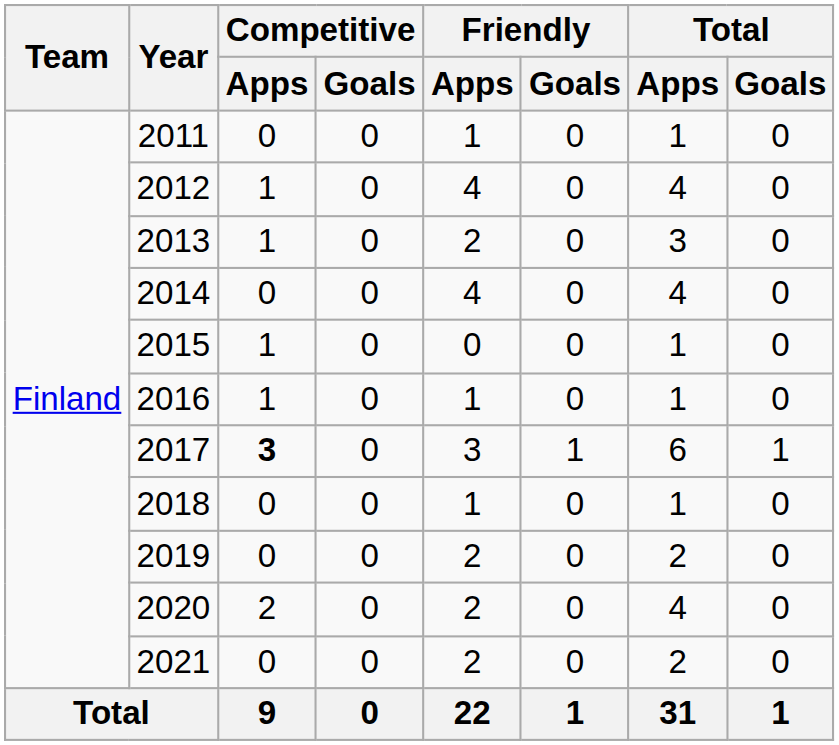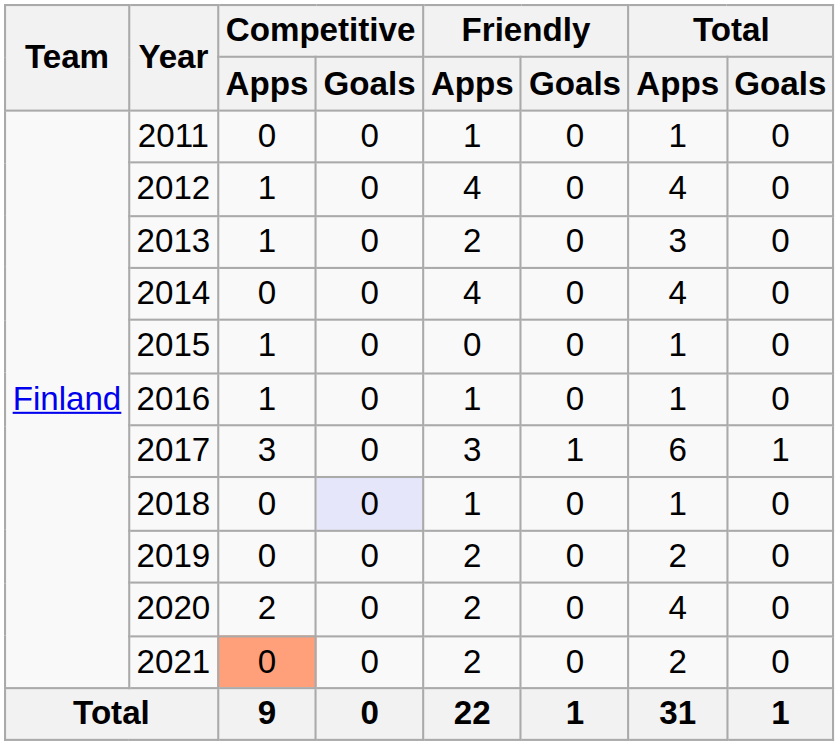 <table class="wikitable" style="text-align:center">
 <tr>
 <th rowspan=2>Team</th>
 <th rowspan=2>Year</th>
 <th colspan=2>Competitive</th>
 <th colspan=2>Friendly</th>
 <th colspan=2>Total</th>
 </tr>
 <tr>
 <th>Apps</th>
 <th>Goals</th>
 <th>Apps</th>
 <th>Goals</th>
 <th>Apps</th>
 <th>Goals</th>
 </tr>
 <tr>
 <td rowspan=11><a href='#'>Finland</a></td>
 <td>2011</td>
 <td>0</td>
 <td>0</td>
 <td>1</td>
 <td>0</td>
 <td>1</td>
 <td>0</td>
 </tr>
 <tr>
 <td>2012</td>
 <td>1</td>
 <td>0</td>
 <td>4</td>
 <td>0</td>
 <td>4</td>
 <td>0</td>
 </tr>
 <tr>
 <td>2013</td>
 <td>1</td>
 <td>0</td>
 <td>2</td>
 <td>0</td>
 <td>3</td>
 <td>0</td>
 </tr>
 <tr>
 <td>2014</td>
 <td>0</td>
 <td>0</td>
 <td>4</td>
 <td>0</td>
 <td>4</td>
 <td>0</td>
 </tr>
 <tr>
 <td>2015</td>
 <td>1</td>
 <td>0</td>
 <td>0</td>
 <td>0</td>
 <td>1</td>
 <td>0</td>
 </tr>
 <tr>
 <td>2016</td>
 <td>1</td>
 <td>0</td>
 <td>1</td>
 <td>0</td>
 <td>1</td>
 <td>0</td>
 </tr>
 <tr>
 <td>2017</td>
-<td><strong>3</strong></td>
+<td>3</td>
 <td>0</td>
 <td>3</td>
 <td>1</td>
 <td>6</td>
 <td>1</td>
 </tr>
 <tr>
 <td>2018</td>
 <td>0</td>
-<td>0</td>
+<td style="background: lavender;">0</td>
 <td>1</td>
 <td>0</td>
 <td>1</td>
 <td>0</td>
 </tr>
 <tr>
 <td>2019</td>
 <td>0</td>
 <td>0</td>
 <td>2</td>
 <td>0</td>
 <td>2</td>
 <td>0</td>
 </tr>
 <tr>
 <td>2020</td>
 <td>2</td>
 <td>0</td>
 <td>2</td>
 <td>0</td>
 <td>4</td>
 <td>0</td>
 </tr>
 <tr>
 <td>2021</td>
-<td>0</td>
+<td style="background: lightsalmon;">0</td>
 <td>0</td>
 <td>2</td>
 <td>0</td>
 <td>2</td>
 <td>0</td>
 </tr>
 <tr>
 <th colspan=2>Total</th>
 <th>9</th>
 <th>0</th>
 <th>22</th>
 <th>1</th>
 <th>31</th>
 <th>1</th>
 </tr>
 </table>
